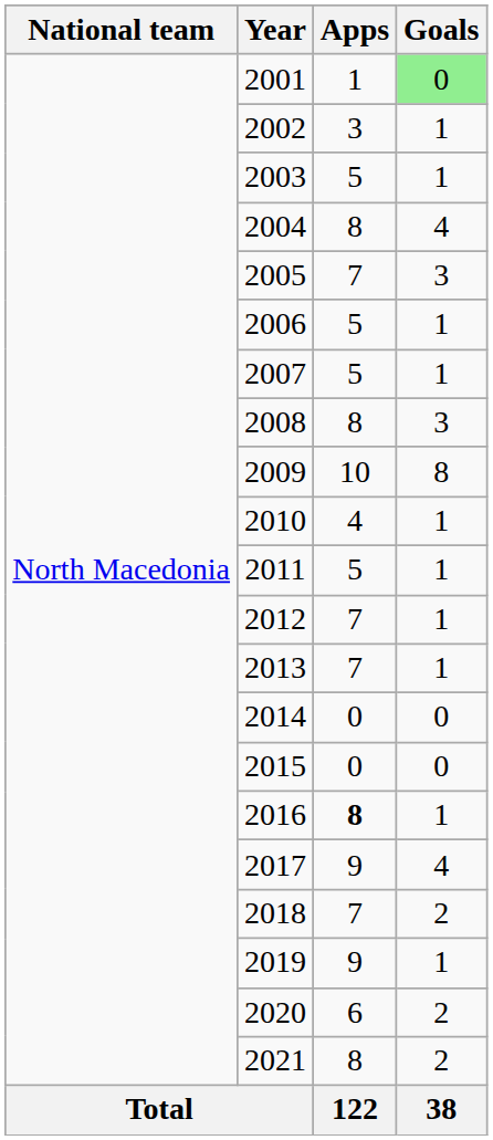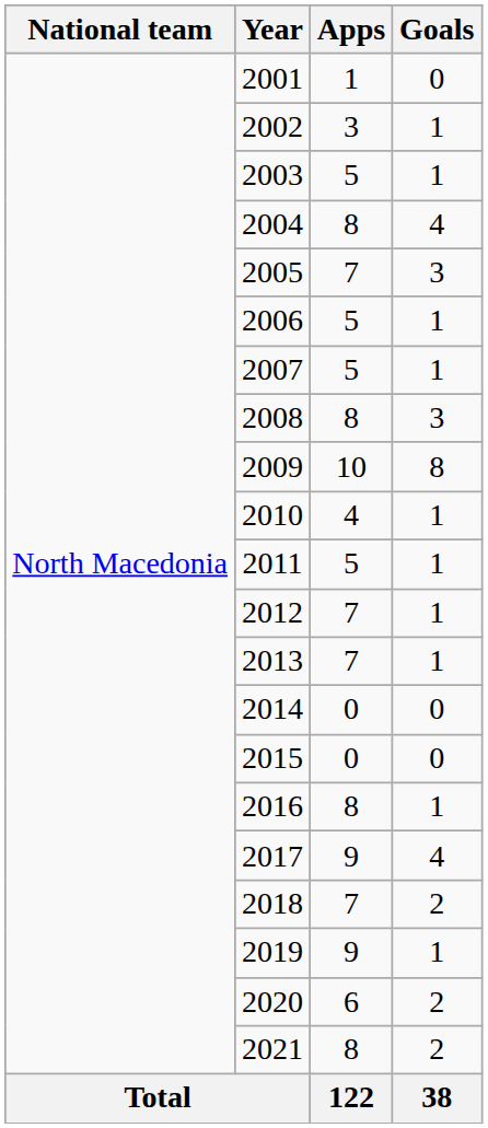 <table class="wikitable" style="text-align:center">
 <tr>
 <th>National team</th>
 <th>Year</th>
 <th>Apps</th>
 <th>Goals</th>
 </tr>
 <tr>
 <td rowspan="21"><a href='#'>North Macedonia</a></td>
 <td>2001</td>
 <td>1</td>
-<td style="background: lightgreen;">0</td>
+<td>0</td>
 </tr>
 <tr>
 <td>2002</td>
 <td>3</td>
 <td>1</td>
 </tr>
 <tr>
 <td>2003</td>
 <td>5</td>
 <td>1</td>
 </tr>
 <tr>
 <td>2004</td>
 <td>8</td>
 <td>4</td>
 </tr>
 <tr>
 <td>2005</td>
 <td>7</td>
 <td>3</td>
 </tr>
 <tr>
 <td>2006</td>
 <td>5</td>
 <td>1</td>
 </tr>
 <tr>
 <td>2007</td>
 <td>5</td>
 <td>1</td>
 </tr>
 <tr>
 <td>2008</td>
 <td>8</td>
 <td>3</td>
 </tr>
 <tr>
 <td>2009</td>
 <td>10</td>
 <td>8</td>
 </tr>
 <tr>
 <td>2010</td>
 <td>4</td>
 <td>1</td>
 </tr>
 <tr>
 <td>2011</td>
 <td>5</td>
 <td>1</td>
 </tr>
 <tr>
 <td>2012</td>
 <td>7</td>
 <td>1</td>
 </tr>
 <tr>
 <td>2013</td>
 <td>7</td>
 <td>1</td>
 </tr>
 <tr>
 <td>2014</td>
 <td>0</td>
 <td>0</td>
 </tr>
 <tr>
 <td>2015</td>
 <td>0</td>
 <td>0</td>
 </tr>
 <tr>
 <td>2016</td>
-<td><strong>8</strong></td>
+<td>8</td>
 <td>1</td>
 </tr>
 <tr>
 <td>2017</td>
 <td>9</td>
 <td>4</td>
 </tr>
 <tr>
 <td>2018</td>
 <td>7</td>
 <td>2</td>
 </tr>
 <tr>
 <td>2019</td>
 <td>9</td>
 <td>1</td>
 </tr>
 <tr>
 <td>2020</td>
 <td>6</td>
 <td>2</td>
 </tr>
 <tr>
 <td>2021</td>
 <td>8</td>
 <td>2</td>
 </tr>
 <tr>
 <th colspan="2">Total</th>
 <th>122</th>
 <th>38</th>
 </tr>
 </table>
